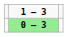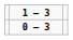 <table class="wikitable" style="text-align:center">
 <tr>
 <td align="left"></td>
 <td width="70px"><strong>1 – 3</strong></td>
 <td align="left"></td>
 </tr>
 <tr>
 <td align="left"></td>
-<td width="70px" style="background: lightgreen;"><strong>0 – 3</strong></td>
+<td width="70px"><strong>0 – 3</strong></td>
 <td align="left"></td>
 </tr>
 </table>
